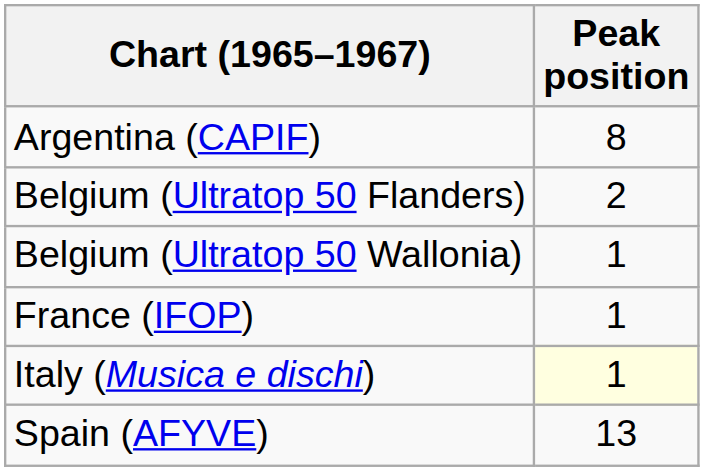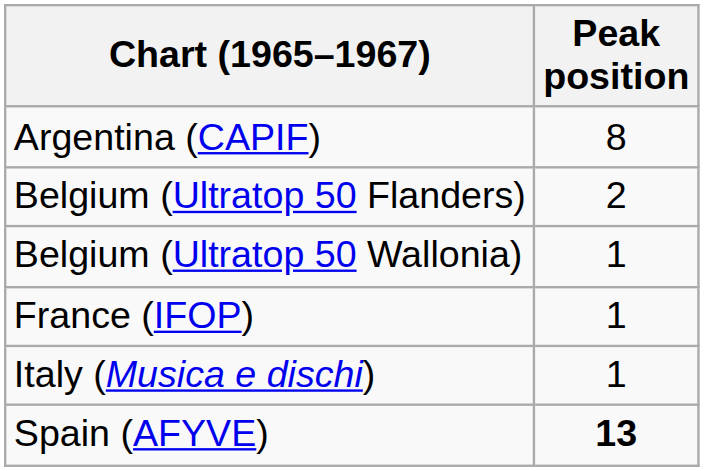 <table class="wikitable sortable plainrowheaders" style="text-align:center">
 <tr>
 <th scope="col">Chart (1965–1967)</th>
 <th scope="col">Peak<br>position</th>
 </tr>
 <tr>
 <td align="left">Argentina (<a href='#'>CAPIF</a>)</td>
 <td align="center">8</td>
 </tr>
 <tr>
 <td align="left">Belgium (<a href='#'>Ultratop 50</a> Flanders)</td>
 <td align="center">2</td>
 </tr>
 <tr>
 <td align="left">Belgium (<a href='#'>Ultratop 50</a> Wallonia)</td>
 <td align="center">1</td>
 </tr>
 <tr>
 <td align="left">France (<a href='#'>IFOP</a>)</td>
 <td align="center">1</td>
 </tr>
 <tr>
 <td align="left">Italy (<em><a href='#'>Musica e dischi</a></em>)</td>
-<td align="center" style="background: lightyellow;">1</td>
+<td align="center">1</td>
 </tr>
 <tr>
 <td align="left">Spain (<a href='#'>AFYVE</a>)</td>
-<td align="center">13</td>
+<td align="center"><strong>13</strong></td>
 </tr>
 </table>
